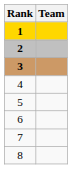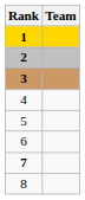 <table class="wikitable" style="text-align:center">
 <tr>
 <th>Rank</th>
 <th>Team</th>
 </tr>
 <tr style="background:gold;">
 <td><strong>1</strong></td>
 <td align="left"><strong></strong></td>
 </tr>
 <tr style="background:silver;">
 <td><strong>2</strong></td>
 <td align="left"></td>
 </tr>
 <tr style="background:#c96;">
 <td><strong>3</strong></td>
 <td align="left"></td>
 </tr>
 <tr>
 <td>4</td>
 <td align="left"></td>
 </tr>
 <tr>
 <td>5</td>
 <td align="left"></td>
 </tr>
 <tr>
 <td>6</td>
 <td align="left"></td>
 </tr>
 <tr>
-<td>7</td>
+<td><strong>7</strong></td>
 <td align="left"></td>
 </tr>
 <tr>
 <td>8</td>
 <td align="left"></td>
 </tr>
 </table>
